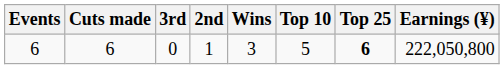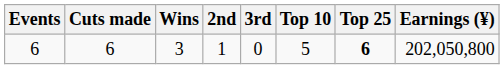 <table class="wikitable" style="text-align:center; font-size:95%">
 <tr>
 <th>Events</th>
 <th>Cuts made</th>
+<th>Wins</th>
+<th>2nd</th>
 <th>3rd</th>
-<th>2nd</th>
-<th>Wins</th>
 <th>Top 10</th>
 <th>Top 25</th>
 <th>Earnings (¥)</th>
 </tr>
 <tr>
 <td>6</td>
 <td>6</td>
+<td>3</td>
+<td>1</td>
 <td>0</td>
-<td>1</td>
-<td>3</td>
 <td>5</td>
 <td><strong>6</strong></td>
-<td align="right">222,050,800</td>
+<td align="right">202,050,800</td>
 </tr>
 </table>
